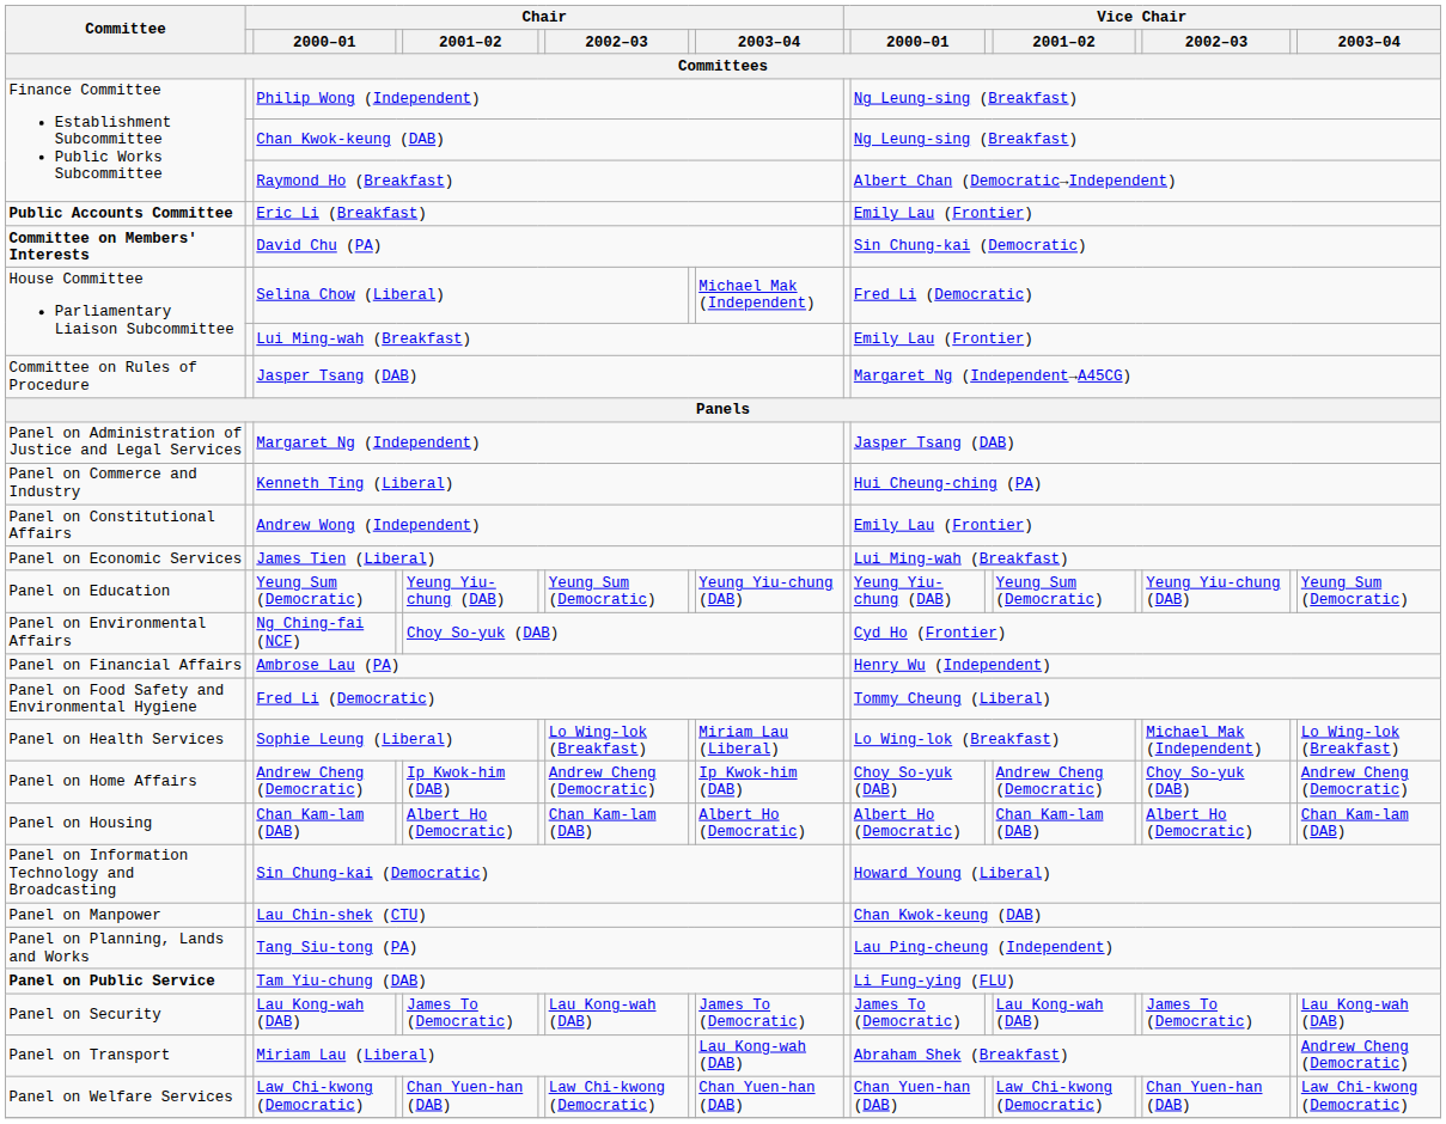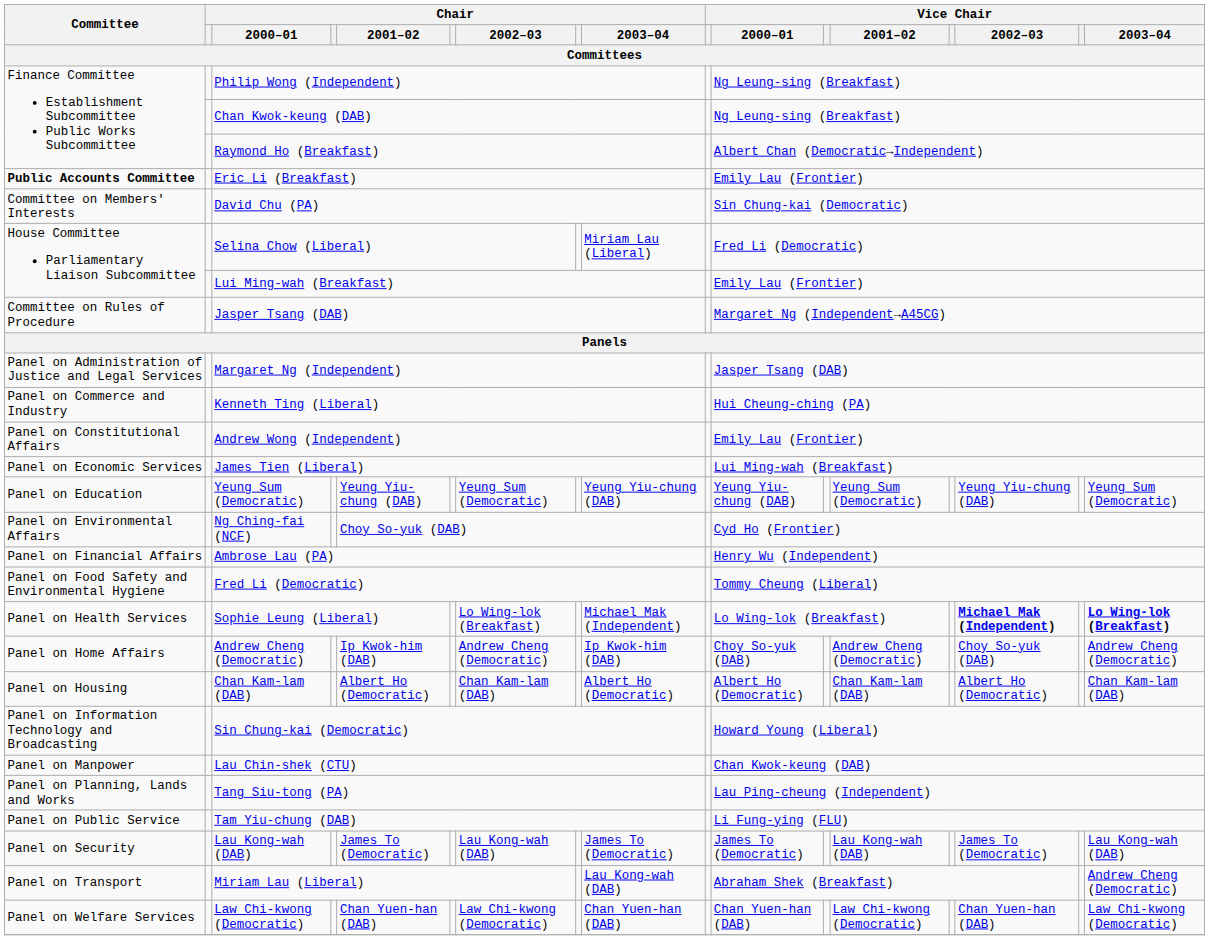 <table class=wikitable>
 <tr>
 <th rowspan=2>Committee</th>
 <th colspan=8>Chair</th>
 <th colspan=8>Vice Chair</th>
 </tr>
 <tr>
 <th></th>
 <th>2000–01</th>
 <th></th>
 <th>2001–02</th>
 <th></th>
 <th>2002–03</th>
 <th></th>
 <th>2003–04</th>
 <th></th>
 <th>2000–01</th>
 <th></th>
 <th>2001–02</th>
 <th></th>
 <th>2002–03</th>
 <th></th>
 <th>2003–04</th>
 </tr>
 <tr>
 <th colspan=17>Committees</th>
 </tr>
 <tr>
 <td rowspan=3>Finance Committee<br><ul><li>Establishment Subcommittee</li><li>Public Works Subcommittee</li></ul></td>
 <td style="color:inherit;background:"></td>
 <td colspan=7><a href='#'>Philip Wong</a> (<a href='#'>Independent</a>)</td>
 <td style="color:inherit;background:"></td>
 <td colspan=7><a href='#'>Ng Leung-sing</a> (<a href='#'>Breakfast</a>)</td>
 </tr>
 <tr>
 <td style="color:inherit;background:"></td>
 <td colspan=7><a href='#'>Chan Kwok-keung</a> (<a href='#'>DAB</a>)</td>
 <td style="color:inherit;background:"></td>
 <td colspan=7><a href='#'>Ng Leung-sing</a> (<a href='#'>Breakfast</a>)</td>
 </tr>
 <tr>
 <td style="color:inherit;background:"></td>
 <td colspan=7><a href='#'>Raymond Ho</a> (<a href='#'>Breakfast</a>)</td>
 <td style="color:inherit;background:"></td>
 <td colspan=7><a href='#'>Albert Chan</a> (<a href='#'>Democratic</a>→<a href='#'>Independent</a>)</td>
 </tr>
 <tr>
 <td><strong>Public Accounts Committee</strong></td>
 <td style="color:inherit;background:"></td>
 <td colspan=7><a href='#'>Eric Li</a> (<a href='#'>Breakfast</a>)</td>
 <td style="color:inherit;background:"></td>
 <td colspan=7><a href='#'>Emily Lau</a> (<a href='#'>Frontier</a>)</td>
 </tr>
 <tr>
-<td><strong>Committee on Members' Interests</strong></td>
+<td>Committee on Members' Interests</td>
 <td style="color:inherit;background:"></td>
 <td colspan=7><a href='#'>David Chu</a> (<a href='#'>PA</a>)</td>
 <td style="color:inherit;background:"></td>
 <td colspan=7><a href='#'>Sin Chung-kai</a> (<a href='#'>Democratic</a>)</td>
 </tr>
 <tr>
 <td rowspan=2>House Committee<br><ul><li>Parliamentary Liaison Subcommittee</li></ul></td>
 <td style="color:inherit;background:"></td>
 <td colspan=5><a href='#'>Selina Chow</a> (<a href='#'>Liberal</a>)</td>
 <td></td>
-<td><a href='#'>Michael Mak</a> (<a href='#'>Independent</a>)</td>
+<td><a href='#'>Miriam Lau</a> (<a href='#'>Liberal</a>)</td>
 <td style="color:inherit;background:"></td>
 <td colspan=7><a href='#'>Fred Li</a> (<a href='#'>Democratic</a>)</td>
 </tr>
 <tr>
 <td style="color:inherit;background:"></td>
 <td colspan=7><a href='#'>Lui Ming-wah</a> (<a href='#'>Breakfast</a>)</td>
 <td style="color:inherit;background:"></td>
 <td colspan=7><a href='#'>Emily Lau</a> (<a href='#'>Frontier</a>)</td>
 </tr>
 <tr>
 <td>Committee on Rules of Procedure</td>
 <td style="color:inherit;background:"></td>
 <td colspan=7><a href='#'>Jasper Tsang</a> (<a href='#'>DAB</a>)</td>
 <td style="color:inherit;background:"></td>
 <td colspan=7><a href='#'>Margaret Ng</a> (<a href='#'>Independent</a>→<a href='#'>A45CG</a>)</td>
 </tr>
 <tr>
 <th colspan=17>Panels</th>
 </tr>
 <tr>
 <td>Panel on Administration of Justice and Legal Services</td>
 <td style="color:inherit;background:"></td>
 <td colspan=7><a href='#'>Margaret Ng</a> (<a href='#'>Independent</a>)</td>
 <td style="color:inherit;background:"></td>
 <td colspan=7><a href='#'>Jasper Tsang</a> (<a href='#'>DAB</a>)</td>
 </tr>
 <tr>
 <td>Panel on Commerce and Industry</td>
 <td style="color:inherit;background:"></td>
 <td colspan=7><a href='#'>Kenneth Ting</a> (<a href='#'>Liberal</a>)</td>
 <td style="color:inherit;background:"></td>
 <td colspan=7><a href='#'>Hui Cheung-ching</a> (<a href='#'>PA</a>)</td>
 </tr>
 <tr>
 <td>Panel on Constitutional Affairs</td>
 <td style="color:inherit;background:"></td>
 <td colspan=7><a href='#'>Andrew Wong</a> (<a href='#'>Independent</a>)</td>
 <td style="color:inherit;background:"></td>
 <td colspan=7><a href='#'>Emily Lau</a> (<a href='#'>Frontier</a>)</td>
 </tr>
 <tr>
 <td>Panel on Economic Services</td>
 <td style="color:inherit;background:"></td>
 <td colspan=7><a href='#'>James Tien</a> (<a href='#'>Liberal</a>)</td>
 <td style="color:inherit;background:"></td>
 <td colspan=7><a href='#'>Lui Ming-wah</a> (<a href='#'>Breakfast</a>)</td>
 </tr>
 <tr>
 <td>Panel on Education</td>
 <td style="color:inherit;background:"></td>
 <td><a href='#'>Yeung Sum</a> (<a href='#'>Democratic</a>)</td>
 <td></td>
 <td><a href='#'>Yeung Yiu-chung</a> (<a href='#'>DAB</a>)</td>
 <td></td>
 <td><a href='#'>Yeung Sum</a> (<a href='#'>Democratic</a>)</td>
 <td></td>
 <td><a href='#'>Yeung Yiu-chung</a> (<a href='#'>DAB</a>)</td>
 <td style="color:inherit;background:"></td>
 <td><a href='#'>Yeung Yiu-chung</a> (<a href='#'>DAB</a>)</td>
 <td></td>
 <td><a href='#'>Yeung Sum</a> (<a href='#'>Democratic</a>)</td>
 <td></td>
 <td><a href='#'>Yeung Yiu-chung</a> (<a href='#'>DAB</a>)</td>
 <td></td>
 <td><a href='#'>Yeung Sum</a> (<a href='#'>Democratic</a>)</td>
 </tr>
 <tr>
 <td>Panel on Environmental Affairs</td>
 <td style="color:inherit;background:"></td>
 <td><a href='#'>Ng Ching-fai</a> (<a href='#'>NCF</a>)</td>
 <td></td>
 <td colspan=5><a href='#'>Choy So-yuk</a> (<a href='#'>DAB</a>)</td>
 <td style="color:inherit;background:"></td>
 <td colspan=7><a href='#'>Cyd Ho</a> (<a href='#'>Frontier</a>)</td>
 </tr>
 <tr>
 <td>Panel on Financial Affairs</td>
 <td style="color:inherit;background:"></td>
 <td colspan=7><a href='#'>Ambrose Lau</a> (<a href='#'>PA</a>)</td>
 <td style="color:inherit;background:"></td>
 <td colspan=7><a href='#'>Henry Wu</a> (<a href='#'>Independent</a>)</td>
 </tr>
 <tr>
 <td>Panel on Food Safety and Environmental Hygiene</td>
 <td style="color:inherit;background:"></td>
 <td colspan=7><a href='#'>Fred Li</a> (<a href='#'>Democratic</a>)</td>
 <td style="color:inherit;background:"></td>
 <td colspan=7><a href='#'>Tommy Cheung</a> (<a href='#'>Liberal</a>)</td>
 </tr>
 <tr>
 <td>Panel on Health Services</td>
 <td style="color:inherit;background:"></td>
 <td colspan=3><a href='#'>Sophie Leung</a> (<a href='#'>Liberal</a>)</td>
 <td></td>
 <td><a href='#'>Lo Wing-lok</a> (<a href='#'>Breakfast</a>)</td>
 <td></td>
-<td><a href='#'>Miriam Lau</a> (<a href='#'>Liberal</a>)</td>
+<td><a href='#'>Michael Mak</a> (<a href='#'>Independent</a>)</td>
 <td style="color:inherit;background:"></td>
 <td colspan=3><a href='#'>Lo Wing-lok</a> (<a href='#'>Breakfast</a>)</td>
 <td></td>
-<td><a href='#'>Michael Mak</a> (<a href='#'>Independent</a>)</td>
+<td><strong><a href='#'>Michael Mak</a> (<a href='#'>Independent</a>)</strong></td>
 <td></td>
-<td><a href='#'>Lo Wing-lok</a> (<a href='#'>Breakfast</a>)</td>
+<td><strong><a href='#'>Lo Wing-lok</a> (<a href='#'>Breakfast</a>)</strong></td>
 </tr>
 <tr>
 <td>Panel on Home Affairs</td>
 <td style="color:inherit;background:"></td>
 <td><a href='#'>Andrew Cheng</a> (<a href='#'>Democratic</a>)</td>
 <td></td>
 <td><a href='#'>Ip Kwok-him</a> (<a href='#'>DAB</a>)</td>
 <td></td>
 <td><a href='#'>Andrew Cheng</a> (<a href='#'>Democratic</a>)</td>
 <td></td>
 <td><a href='#'>Ip Kwok-him</a> (<a href='#'>DAB</a>)</td>
 <td style="color:inherit;background:"></td>
 <td><a href='#'>Choy So-yuk</a> (<a href='#'>DAB</a>)</td>
 <td></td>
 <td><a href='#'>Andrew Cheng</a> (<a href='#'>Democratic</a>)</td>
 <td></td>
 <td><a href='#'>Choy So-yuk</a> (<a href='#'>DAB</a>)</td>
 <td></td>
 <td><a href='#'>Andrew Cheng</a> (<a href='#'>Democratic</a>)</td>
 </tr>
 <tr>
 <td>Panel on Housing</td>
 <td style="color:inherit;background:"></td>
 <td><a href='#'>Chan Kam-lam</a> (<a href='#'>DAB</a>)</td>
 <td></td>
 <td><a href='#'>Albert Ho</a> (<a href='#'>Democratic</a>)</td>
 <td></td>
 <td><a href='#'>Chan Kam-lam</a> (<a href='#'>DAB</a>)</td>
 <td></td>
 <td><a href='#'>Albert Ho</a> (<a href='#'>Democratic</a>)</td>
 <td style="color:inherit;background:"></td>
 <td><a href='#'>Albert Ho</a> (<a href='#'>Democratic</a>)</td>
 <td></td>
 <td><a href='#'>Chan Kam-lam</a> (<a href='#'>DAB</a>)</td>
 <td></td>
 <td><a href='#'>Albert Ho</a> (<a href='#'>Democratic</a>)</td>
 <td></td>
 <td><a href='#'>Chan Kam-lam</a> (<a href='#'>DAB</a>)</td>
 </tr>
 <tr>
 <td>Panel on Information Technology and Broadcasting</td>
 <td style="color:inherit;background:"></td>
 <td colspan=7><a href='#'>Sin Chung-kai</a> (<a href='#'>Democratic</a>)</td>
 <td style="color:inherit;background:"></td>
 <td colspan=7><a href='#'>Howard Young</a> (<a href='#'>Liberal</a>)</td>
 </tr>
 <tr>
 <td>Panel on Manpower</td>
 <td style="color:inherit;background:"></td>
 <td colspan=7><a href='#'>Lau Chin-shek</a> (<a href='#'>CTU</a>)</td>
 <td style="color:inherit;background:"></td>
 <td colspan=7><a href='#'>Chan Kwok-keung</a> (<a href='#'>DAB</a>)</td>
 </tr>
 <tr>
 <td>Panel on Planning, Lands and Works</td>
 <td style="color:inherit;background:"></td>
 <td colspan=7><a href='#'>Tang Siu-tong</a> (<a href='#'>PA</a>)</td>
 <td style="color:inherit;background:"></td>
 <td colspan=7><a href='#'>Lau Ping-cheung</a> (<a href='#'>Independent</a>)</td>
 </tr>
 <tr>
-<td><strong>Panel on Public Service</strong></td>
+<td>Panel on Public Service</td>
 <td style="color:inherit;background:"></td>
 <td colspan=7><a href='#'>Tam Yiu-chung</a> (<a href='#'>DAB</a>)</td>
 <td style="color:inherit;background:"></td>
 <td colspan=7><a href='#'>Li Fung-ying</a> (<a href='#'>FLU</a>)</td>
 </tr>
 <tr>
 <td>Panel on Security</td>
 <td style="color:inherit;background:"></td>
 <td><a href='#'>Lau Kong-wah</a> (<a href='#'>DAB</a>)</td>
 <td></td>
 <td><a href='#'>James To</a> (<a href='#'>Democratic</a>)</td>
 <td></td>
 <td><a href='#'>Lau Kong-wah</a> (<a href='#'>DAB</a>)</td>
 <td></td>
 <td><a href='#'>James To</a> (<a href='#'>Democratic</a>)</td>
 <td style="color:inherit;background:"></td>
 <td><a href='#'>James To</a> (<a href='#'>Democratic</a>)</td>
 <td></td>
 <td><a href='#'>Lau Kong-wah</a> (<a href='#'>DAB</a>)</td>
 <td></td>
 <td><a href='#'>James To</a> (<a href='#'>Democratic</a>)</td>
 <td></td>
 <td><a href='#'>Lau Kong-wah</a> (<a href='#'>DAB</a>)</td>
 </tr>
 <tr>
 <td>Panel on Transport</td>
 <td style="color:inherit;background:"></td>
 <td colspan=5><a href='#'>Miriam Lau</a> (<a href='#'>Liberal</a>)</td>
 <td></td>
 <td><a href='#'>Lau Kong-wah</a> (<a href='#'>DAB</a>)</td>
 <td style="color:inherit;background:"></td>
 <td colspan=5><a href='#'>Abraham Shek</a> (<a href='#'>Breakfast</a>)</td>
 <td></td>
 <td><a href='#'>Andrew Cheng</a> (<a href='#'>Democratic</a>)</td>
 </tr>
 <tr>
 <td>Panel on Welfare Services</td>
 <td style="color:inherit;background:"></td>
 <td><a href='#'>Law Chi-kwong</a> (<a href='#'>Democratic</a>)</td>
 <td></td>
 <td><a href='#'>Chan Yuen-han</a> (<a href='#'>DAB</a>)</td>
 <td></td>
 <td><a href='#'>Law Chi-kwong</a> (<a href='#'>Democratic</a>)</td>
 <td></td>
 <td><a href='#'>Chan Yuen-han</a> (<a href='#'>DAB</a>)</td>
 <td style="color:inherit;background:"></td>
 <td><a href='#'>Chan Yuen-han</a> (<a href='#'>DAB</a>)</td>
 <td></td>
 <td><a href='#'>Law Chi-kwong</a> (<a href='#'>Democratic</a>)</td>
 <td></td>
 <td><a href='#'>Chan Yuen-han</a> (<a href='#'>DAB</a>)</td>
 <td></td>
 <td><a href='#'>Law Chi-kwong</a> (<a href='#'>Democratic</a>)</td>
 </tr>
 <tr>
 </tr>
 </table>
